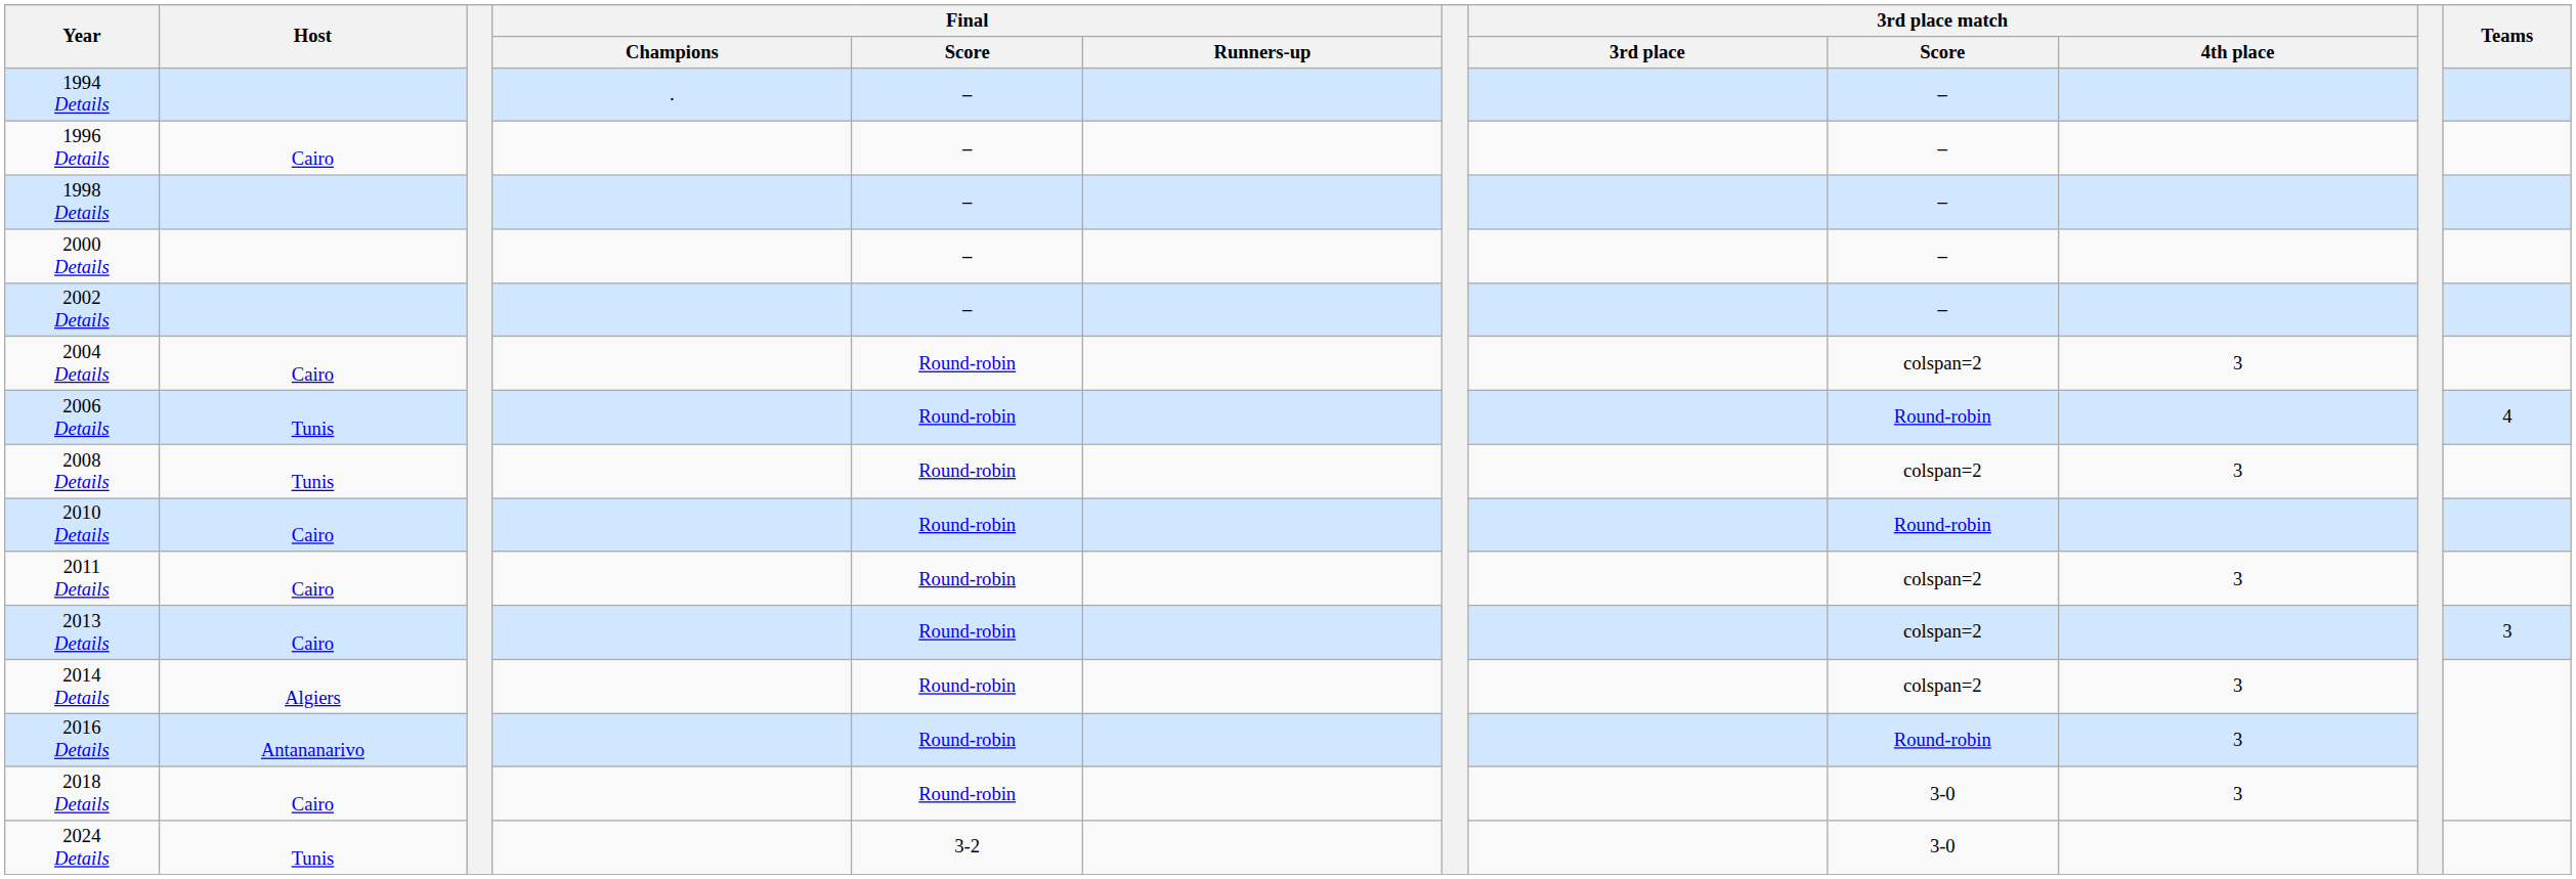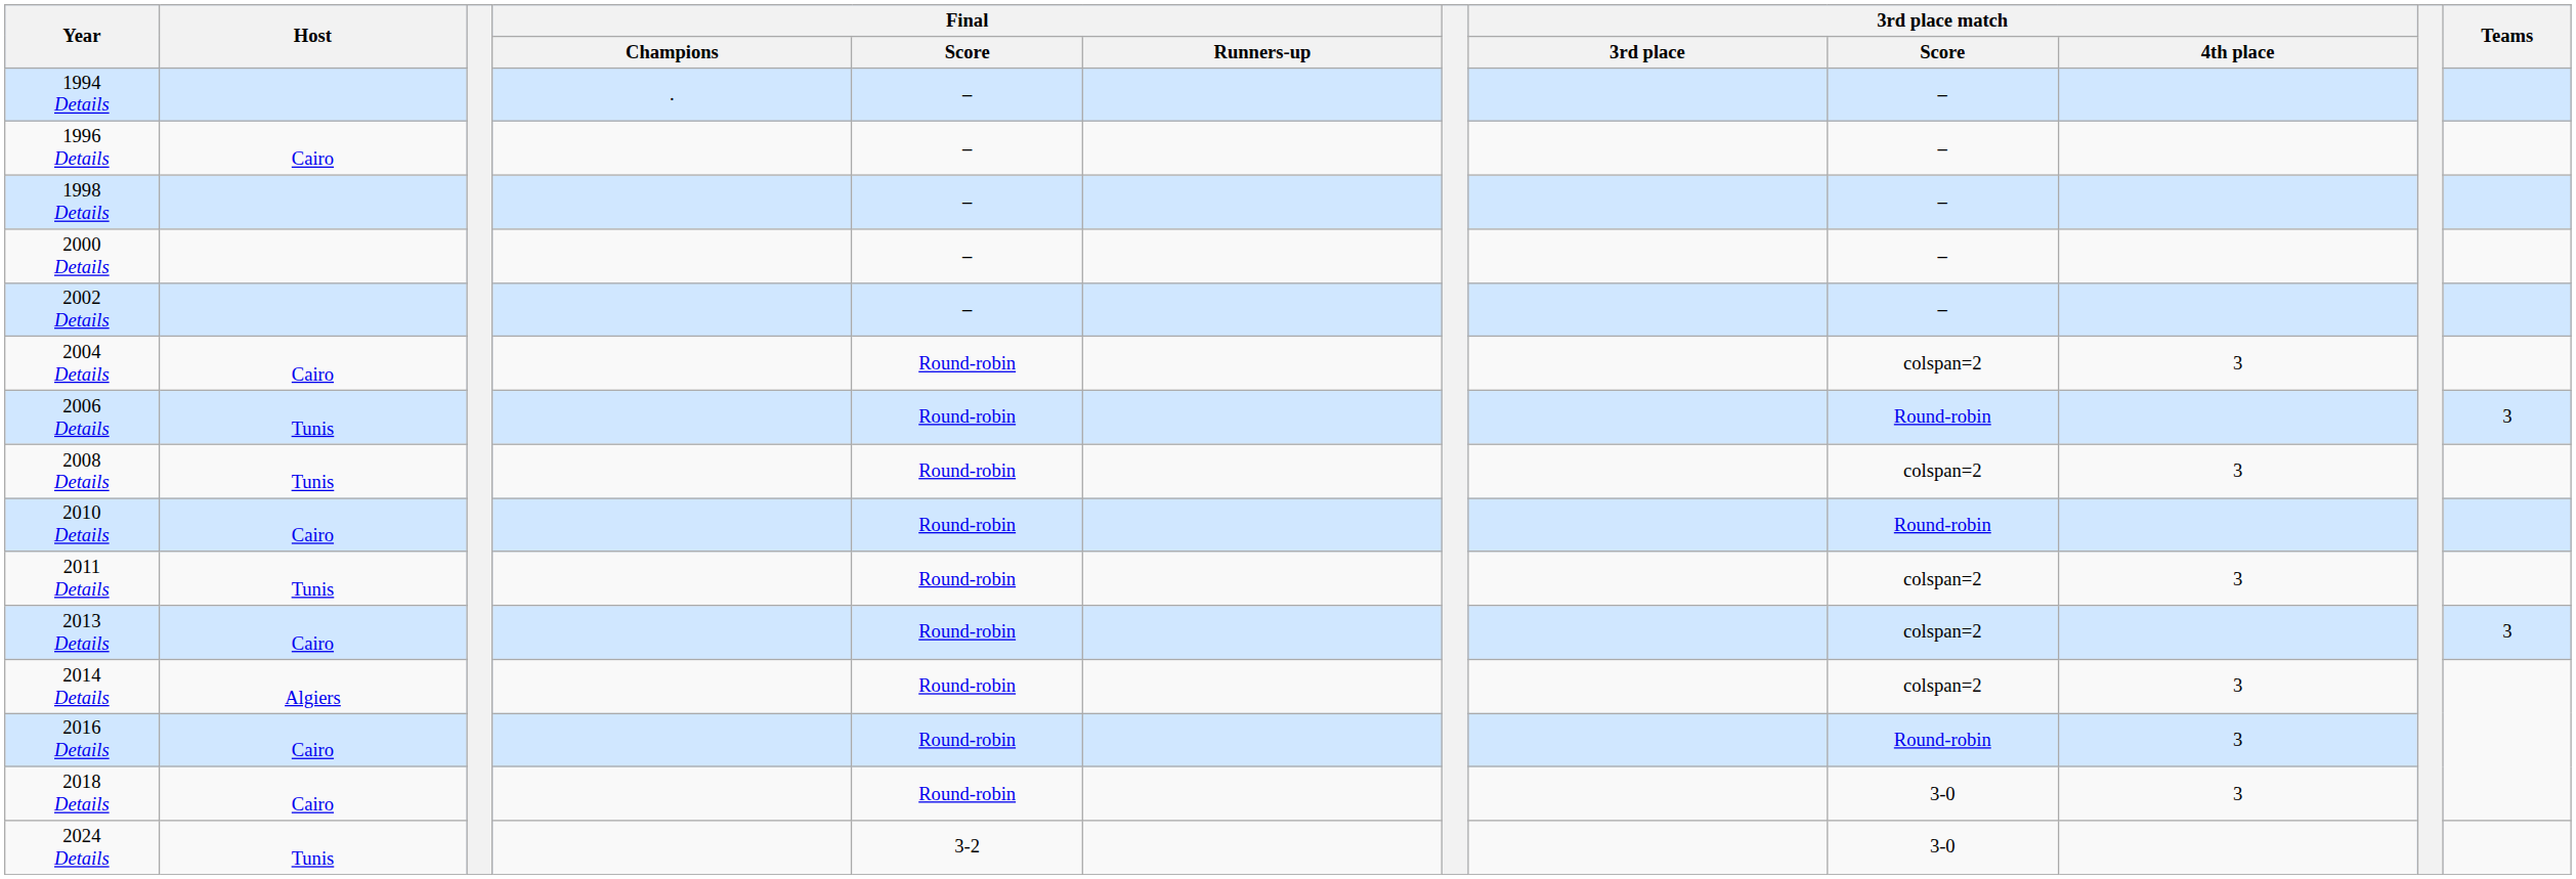 <table class="wikitable" style="font-size:90%; width: 98%; text-align: center;">
 <tr bgcolor=#C1D8FF>
 <th rowspan=2 width=6%>Year</th>
 <th rowspan=2 width=12%>Host</th>
 <th rowspan="17" width="1%" bgcolor="ffffff"></th>
 <th colspan=3>Final</th>
 <th rowspan="17" width="1%" bgcolor="ffffff"></th>
 <th colspan=3>3rd place match</th>
 <th rowspan="17" width="1%" bgcolor="#ffffff"></th>
 <th rowspan=2 width=5%>Teams</th>
 </tr>
 <tr bgcolor=#efefef>
 <th width=14%>Champions</th>
 <th width=9%>Score</th>
 <th width=14%>Runners-up</th>
 <th width=14%>3rd place</th>
 <th width=9%>Score</th>
 <th width=14%>4th place</th>
 </tr>
 <tr bgcolor=#D0E7FF>
 <td>1994<br><em><a href='#'>Details</a></em></td>
 <td></td>
 <td>.</td>
 <td><strong> – </strong></td>
 <td></td>
 <td></td>
 <td><strong> – </strong></td>
 <td></td>
 <td></td>
 </tr>
 <tr>
 <td>1996<br><em><a href='#'>Details</a></em></td>
 <td><br><a href='#'>Cairo</a></td>
 <td><strong></strong></td>
 <td><strong> – </strong></td>
 <td></td>
 <td></td>
 <td><strong> – </strong></td>
 <td></td>
 <td></td>
 </tr>
 <tr bgcolor=#D0E7FF>
 <td>1998<br><em><a href='#'>Details</a></em></td>
 <td></td>
 <td><strong></strong></td>
 <td><strong> – </strong></td>
 <td></td>
 <td></td>
 <td><strong> – </strong></td>
 <td></td>
 <td></td>
 </tr>
 <tr>
 <td>2000<br><em><a href='#'>Details</a></em></td>
 <td></td>
 <td><strong></strong></td>
 <td><strong> – </strong></td>
 <td></td>
 <td></td>
 <td><strong> – </strong></td>
 <td></td>
 <td></td>
 </tr>
 <tr bgcolor=#D0E7FF>
 <td>2002<br><em><a href='#'>Details</a></em></td>
 <td></td>
 <td><strong></strong></td>
 <td><strong> – </strong></td>
 <td></td>
 <td></td>
 <td><strong> – </strong></td>
 <td></td>
 <td></td>
 </tr>
 <tr>
 <td>2004<br><em><a href='#'>Details</a></em></td>
 <td><br><a href='#'>Cairo</a></td>
 <td><strong></strong></td>
 <td><a href='#'>Round-robin</a></td>
 <td></td>
 <td></td>
 <td>colspan=2 </td>
 <td>3</td>
 </tr>
 <tr bgcolor=#D0E7FF>
 <td>2006<br><em><a href='#'>Details</a></em></td>
 <td><br><a href='#'>Tunis</a></td>
 <td><strong></strong></td>
 <td><a href='#'>Round-robin</a></td>
 <td></td>
 <td></td>
 <td><a href='#'>Round-robin</a></td>
 <td></td>
-<td>4</td>
+<td>3</td>
 </tr>
 <tr>
 <td>2008<br><em><a href='#'>Details</a></em></td>
 <td><br><a href='#'>Tunis</a></td>
 <td><strong></strong></td>
 <td><a href='#'>Round-robin</a></td>
 <td></td>
 <td></td>
 <td>colspan=2 </td>
 <td>3</td>
 </tr>
 <tr bgcolor=#D0E7FF>
 <td>2010<br><em><a href='#'>Details</a></em></td>
 <td><br><a href='#'>Cairo</a></td>
 <td><strong></strong></td>
 <td><a href='#'>Round-robin</a></td>
 <td></td>
 <td></td>
 <td><a href='#'>Round-robin</a></td>
 <td></td>
 <td></td>
 </tr>
 <tr>
 <td>2011<br><em><a href='#'>Details</a></em></td>
-<td><br><a href='#'>Cairo</a></td>
+<td><br><a href='#'>Tunis</a></td>
 <td><strong></strong></td>
 <td><a href='#'>Round-robin</a></td>
 <td></td>
 <td></td>
 <td>colspan=2 </td>
 <td>3</td>
 </tr>
 <tr bgcolor=#D0E7FF>
 <td>2013<br><em><a href='#'>Details</a></em></td>
 <td><br><a href='#'>Cairo</a></td>
 <td><strong></strong></td>
 <td><a href='#'>Round-robin</a></td>
 <td></td>
 <td></td>
 <td>colspan=2 </td>
 <td></td>
 <td>3</td>
 </tr>
 <tr>
 <td>2014<br><em><a href='#'>Details</a></em></td>
 <td><br><a href='#'>Algiers</a></td>
 <td><strong></strong></td>
 <td><a href='#'>Round-robin</a></td>
 <td></td>
 <td></td>
 <td>colspan=2 </td>
 <td>3</td>
 </tr>
 <tr bgcolor=#D0E7FF>
 <td>2016<br><em><a href='#'>Details</a></em></td>
-<td><br><a href='#'>Antananarivo</a></td>
+<td><br><a href='#'>Cairo</a></td>
 <td><strong></strong></td>
 <td><a href='#'>Round-robin</a></td>
 <td></td>
 <td></td>
 <td><a href='#'>Round-robin</a></td>
 <td>3</td>
 </tr>
 <tr>
 <td>2018<br><em><a href='#'>Details</a></em></td>
 <td><br><a href='#'>Cairo</a></td>
 <td><strong></strong></td>
 <td><a href='#'>Round-robin</a></td>
 <td></td>
 <td></td>
 <td>3-0</td>
 <td>3</td>
 </tr>
 <tr>
 <td>2024<br><em><a href='#'>Details</a></em></td>
 <td><br><a href='#'>Tunis</a></td>
 <td><strong></strong></td>
 <td>3-2</td>
 <td></td>
 <td></td>
 <td>3-0</td>
 <td></td>
 <td></td>
 </tr>
 </table>
